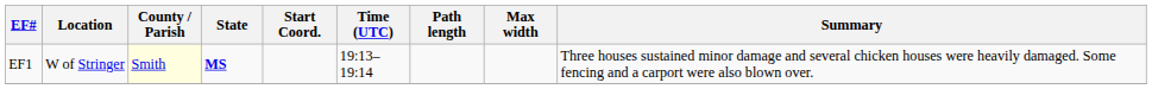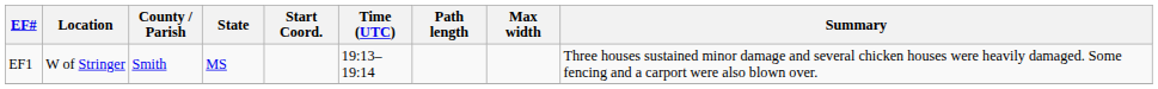 <table class="wikitable sortable" style="width:100%;">
 <tr>
 <th scope="col" width="3%" align="center"><a href='#'>EF#</a></th>
 <th scope="col" width="7%" align="center" class="unsortable">Location</th>
 <th scope="col" width="6%" align="center" class="unsortable">County / Parish</th>
 <th scope="col" width="5%" align="center">State</th>
 <th scope="col" width="6%" align="center">Start Coord.</th>
 <th scope="col" width="6%" align="center">Time (<a href='#'>UTC</a>)</th>
 <th scope="col" width="6%" align="center">Path length</th>
 <th scope="col" width="6%" align="center">Max width</th>
 <th scope="col" width="48%" class="unsortable" align="center">Summary</th>
 </tr>
 <tr>
 <td>EF1</td>
 <td>W of <a href='#'>Stringer</a></td>
-<td style="background: lightyellow;"><a href='#'>Smith</a></td>
-<td><strong><a href='#'>MS</a></strong></td>
+<td><a href='#'>Smith</a></td>
+<td><a href='#'>MS</a></td>
 <td></td>
 <td>19:13–19:14</td>
 <td></td>
 <td></td>
 <td>Three houses sustained minor damage and several chicken houses were heavily damaged. Some fencing and a carport were also blown over.</td>
 </tr>
 <tr>
 </tr>
 </table>
